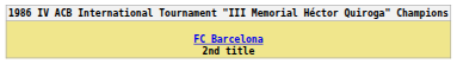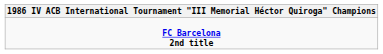 <table class=wikitable style="text-align:center; margin:auto">
 <tr>
 <th>1986 IV ACB International Tournament "III Memorial Héctor Quiroga" Champions</th>
 </tr>
 <tr>
-<td style="background: khaki;"><br> <strong><a href='#'>FC Barcelona</a></strong> <br> <strong>2nd title</strong></td>
+<td><br> <strong><a href='#'>FC Barcelona</a></strong> <br> <strong>2nd title</strong></td>
 </tr>
 </table>
